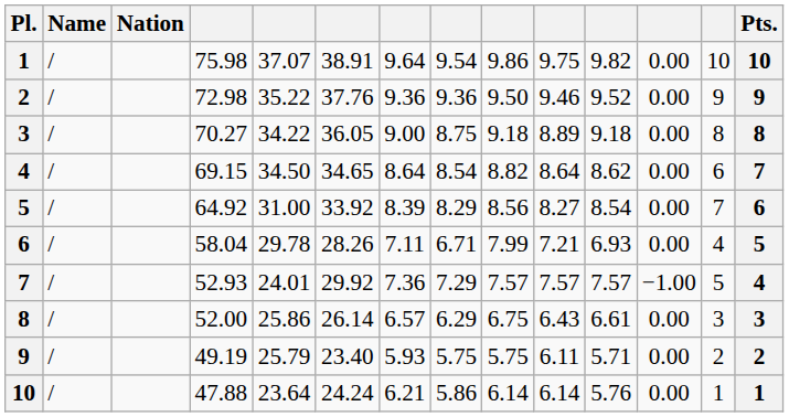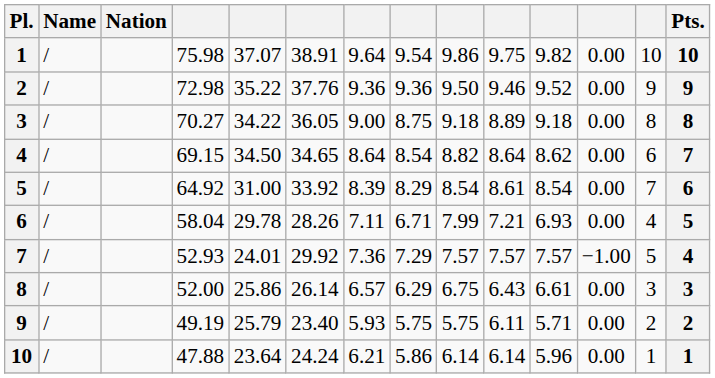 <table class="wikitable sortable" style="text-align:center">
 <tr>
 <th>Pl.</th>
 <th>Name</th>
 <th>Nation</th>
 <th></th>
 <th></th>
 <th></th>
 <th></th>
 <th></th>
 <th></th>
 <th></th>
 <th></th>
 <th></th>
 <th></th>
 <th>Pts.</th>
 </tr>
 <tr>
 <th>1</th>
 <td align=left> / </td>
 <td align=left></td>
 <td>75.98</td>
 <td>37.07</td>
 <td>38.91</td>
 <td>9.64</td>
 <td>9.54</td>
 <td>9.86</td>
 <td>9.75</td>
 <td>9.82</td>
 <td>0.00</td>
 <td>10</td>
 <th>10</th>
 </tr>
 <tr>
 <th>2</th>
 <td align=left> / </td>
 <td align=left></td>
 <td>72.98</td>
 <td>35.22</td>
 <td>37.76</td>
 <td>9.36</td>
 <td>9.36</td>
 <td>9.50</td>
 <td>9.46</td>
 <td>9.52</td>
 <td>0.00</td>
 <td>9</td>
 <th>9</th>
 </tr>
 <tr>
 <th>3</th>
 <td align=left> / </td>
 <td align=left></td>
 <td>70.27</td>
 <td>34.22</td>
 <td>36.05</td>
 <td>9.00</td>
 <td>8.75</td>
 <td>9.18</td>
 <td>8.89</td>
 <td>9.18</td>
 <td>0.00</td>
 <td>8</td>
 <th>8</th>
 </tr>
 <tr>
 <th>4</th>
 <td align=left> / </td>
 <td align=left></td>
 <td>69.15</td>
 <td>34.50</td>
 <td>34.65</td>
 <td>8.64</td>
 <td>8.54</td>
 <td>8.82</td>
 <td>8.64</td>
 <td>8.62</td>
 <td>0.00</td>
 <td>6</td>
 <th>7</th>
 </tr>
 <tr>
 <th>5</th>
 <td align=left> / </td>
 <td align=left></td>
 <td>64.92</td>
 <td>31.00</td>
 <td>33.92</td>
 <td>8.39</td>
 <td>8.29</td>
-<td>8.56</td>
-<td>8.27</td>
+<td>8.54</td>
+<td>8.61</td>
 <td>8.54</td>
 <td>0.00</td>
 <td>7</td>
 <th>6</th>
 </tr>
 <tr>
 <th>6</th>
 <td align=left> / </td>
 <td align=left></td>
 <td>58.04</td>
 <td>29.78</td>
 <td>28.26</td>
 <td>7.11</td>
 <td>6.71</td>
 <td>7.99</td>
 <td>7.21</td>
 <td>6.93</td>
 <td>0.00</td>
 <td>4</td>
 <th>5</th>
 </tr>
 <tr>
 <th>7</th>
 <td align=left> / </td>
 <td align=left></td>
 <td>52.93</td>
 <td>24.01</td>
 <td>29.92</td>
 <td>7.36</td>
 <td>7.29</td>
 <td>7.57</td>
 <td>7.57</td>
 <td>7.57</td>
 <td>−1.00</td>
 <td>5</td>
 <th>4</th>
 </tr>
 <tr>
 <th>8</th>
 <td align=left> / </td>
 <td align=left></td>
 <td>52.00</td>
 <td>25.86</td>
 <td>26.14</td>
 <td>6.57</td>
 <td>6.29</td>
 <td>6.75</td>
 <td>6.43</td>
 <td>6.61</td>
 <td>0.00</td>
 <td>3</td>
 <th>3</th>
 </tr>
 <tr>
 <th>9</th>
 <td align=left> / </td>
 <td align=left></td>
 <td>49.19</td>
 <td>25.79</td>
 <td>23.40</td>
 <td>5.93</td>
 <td>5.75</td>
 <td>5.75</td>
 <td>6.11</td>
 <td>5.71</td>
 <td>0.00</td>
 <td>2</td>
 <th>2</th>
 </tr>
 <tr>
 <th>10</th>
 <td align=left> / </td>
 <td align=left></td>
 <td>47.88</td>
 <td>23.64</td>
 <td>24.24</td>
 <td>6.21</td>
 <td>5.86</td>
 <td>6.14</td>
 <td>6.14</td>
-<td>5.76</td>
+<td>5.96</td>
 <td>0.00</td>
 <td>1</td>
 <th>1</th>
 </tr>
 </table>
